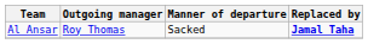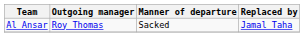 <table class="wikitable">
 <tr>
 <th>Team</th>
 <th>Outgoing manager</th>
 <th>Manner of departure</th>
 <th>Replaced by</th>
 </tr>
 <tr>
 <td><a href='#'>Al Ansar</a></td>
 <td> <a href='#'>Roy Thomas</a></td>
 <td>Sacked</td>
-<td><strong> <a href='#'>Jamal Taha</a></strong></td>
+<td> <a href='#'>Jamal Taha</a></td>
 </tr>
 <tr>
 </tr>
 </table>
